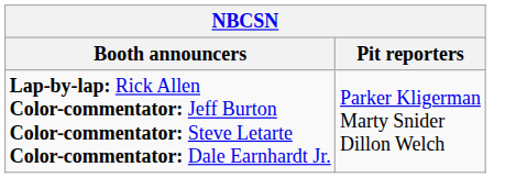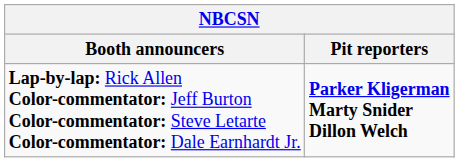 <table class="wikitable" style="font-size: 95%">
 <tr>
 <th colspan="2"><a href='#'>NBCSN</a></th>
 </tr>
 <tr>
 <th>Booth announcers</th>
 <th>Pit reporters</th>
 </tr>
 <tr>
 <td><strong>Lap-by-lap:</strong> <a href='#'>Rick Allen</a><br><strong>Color-commentator:</strong> <a href='#'>Jeff Burton</a><br><strong>Color-commentator:</strong> <a href='#'>Steve Letarte</a><br><strong>Color-commentator:</strong> <a href='#'>Dale Earnhardt Jr.</a></td>
-<td><a href='#'>Parker Kligerman</a><br>Marty Snider<br>Dillon Welch</td>
+<td><strong><a href='#'>Parker Kligerman</a><br>Marty Snider<br>Dillon Welch</strong></td>
 </tr>
 </table>
